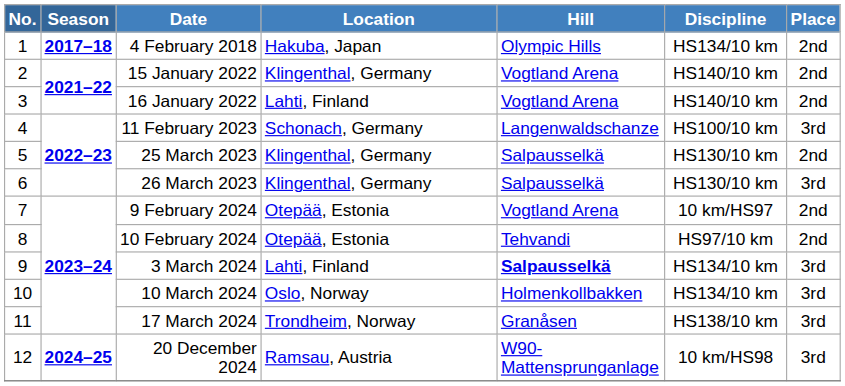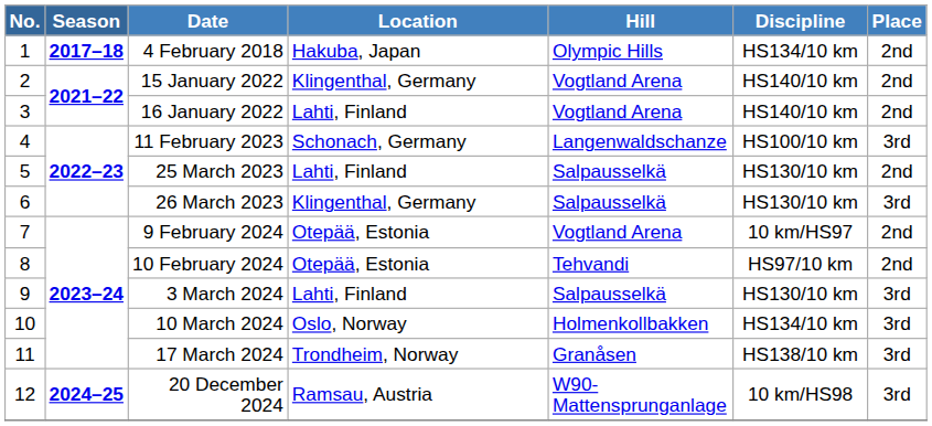 <table class="wikitable sortable" style="font-size:95%; text-align:center; border:grey solid 1px; border-collapse:collapse; background:#ffffff;">
 <tr style="background:#efefef;">
 <th style="background-color:#369; color:white;"><strong>No.</strong></th>
 <th style="background-color:#369; color:white;"><strong>Season</strong></th>
 <th style="background-color:#4180be; color:white; width:120px;"><strong>Date</strong></th>
 <th style="background-color:#4180be; color:white; width:200px;"><strong>Location</strong></th>
 <th style="background-color:#4180be; color:white; width:140px;"><strong>Hill</strong></th>
 <th style="background-color:#4180be; color:white; width:100px;"><strong>Discipline</strong></th>
 <th style="background-color:#4180be; color:white;"><strong>Place</strong></th>
 </tr>
 <tr>
 <td align=center>1</td>
 <td align=center><strong><a href='#'>2017–18</a></strong></td>
 <td align=right>4 February 2018</td>
 <td align=left> <a href='#'>Hakuba</a>, Japan</td>
 <td align=left><a href='#'>Olympic Hills</a></td>
 <td>HS134/10 km</td>
 <td>2nd</td>
 </tr>
 <tr>
 <td align=center>2</td>
 <td rowspan=2 align=center><strong><a href='#'>2021–22</a></strong></td>
 <td align=right>15 January 2022</td>
 <td align=left> <a href='#'>Klingenthal</a>, Germany</td>
 <td align=left><a href='#'>Vogtland Arena</a></td>
 <td>HS140/10 km</td>
 <td>2nd</td>
 </tr>
 <tr>
 <td align=center>3</td>
 <td align=right>16 January 2022</td>
 <td align=left> <a href='#'>Lahti</a>, Finland</td>
 <td align=left><a href='#'>Vogtland Arena</a></td>
 <td>HS140/10 km</td>
 <td>2nd</td>
 </tr>
 <tr>
 <td align=center>4</td>
 <td rowspan=3 align=center><strong><a href='#'>2022–23</a></strong></td>
 <td align=right>11 February 2023</td>
 <td align=left> <a href='#'>Schonach</a>, Germany</td>
 <td align=left><a href='#'>Langenwaldschanze</a></td>
 <td>HS100/10 km</td>
 <td>3rd</td>
 </tr>
 <tr>
 <td align=center>5</td>
 <td align=right>25 March 2023</td>
-<td align=left> <a href='#'>Klingenthal</a>, Germany</td>
+<td align=left> <a href='#'>Lahti</a>, Finland</td>
 <td align=left><a href='#'>Salpausselkä</a></td>
 <td>HS130/10 km</td>
 <td>2nd</td>
 </tr>
 <tr>
 <td align=center>6</td>
 <td align=right>26 March 2023</td>
 <td align=left> <a href='#'>Klingenthal</a>, Germany</td>
 <td align=left><a href='#'>Salpausselkä</a></td>
 <td>HS130/10 km</td>
 <td>3rd</td>
 </tr>
 <tr>
 <td align=center>7</td>
 <td rowspan=5 align=center><strong><a href='#'>2023–24</a></strong></td>
 <td align=right>9 February 2024</td>
 <td align=left> <a href='#'>Otepää</a>, Estonia</td>
 <td align=left><a href='#'>Vogtland Arena</a></td>
 <td>10 km/HS97</td>
 <td>2nd</td>
 </tr>
 <tr>
 <td align=center>8</td>
 <td align=right>10 February 2024</td>
 <td align=left> <a href='#'>Otepää</a>, Estonia</td>
 <td align=left><a href='#'>Tehvandi</a></td>
 <td>HS97/10 km</td>
 <td>2nd</td>
 </tr>
 <tr>
 <td align=center>9</td>
 <td align=right>3 March 2024</td>
 <td align=left> <a href='#'>Lahti</a>, Finland</td>
-<td align=left><strong><a href='#'>Salpausselkä</a></strong></td>
-<td>HS134/10 km</td>
+<td align=left><a href='#'>Salpausselkä</a></td>
+<td>HS130/10 km</td>
 <td>3rd</td>
 </tr>
 <tr>
 <td align=center>10</td>
 <td align=right>10 March 2024</td>
 <td align=left> <a href='#'>Oslo</a>, Norway</td>
 <td align=left><a href='#'>Holmenkollbakken</a></td>
 <td>HS134/10 km</td>
 <td>3rd</td>
 </tr>
 <tr>
 <td align=center>11</td>
 <td align=right>17 March 2024</td>
 <td align=left> <a href='#'>Trondheim</a>, Norway</td>
 <td align=left><a href='#'>Granåsen</a></td>
 <td>HS138/10 km</td>
 <td>3rd</td>
 </tr>
 <tr>
 <td align=center>12</td>
 <td><strong><a href='#'>2024–25</a></strong></td>
 <td align=right>20 December 2024</td>
 <td align=left> <a href='#'>Ramsau</a>, Austria</td>
 <td align=left><a href='#'>W90-Mattensprunganlage</a></td>
 <td>10 km/HS98</td>
 <td>3rd</td>
 </tr>
 <tr>
 </tr>
 </table>
